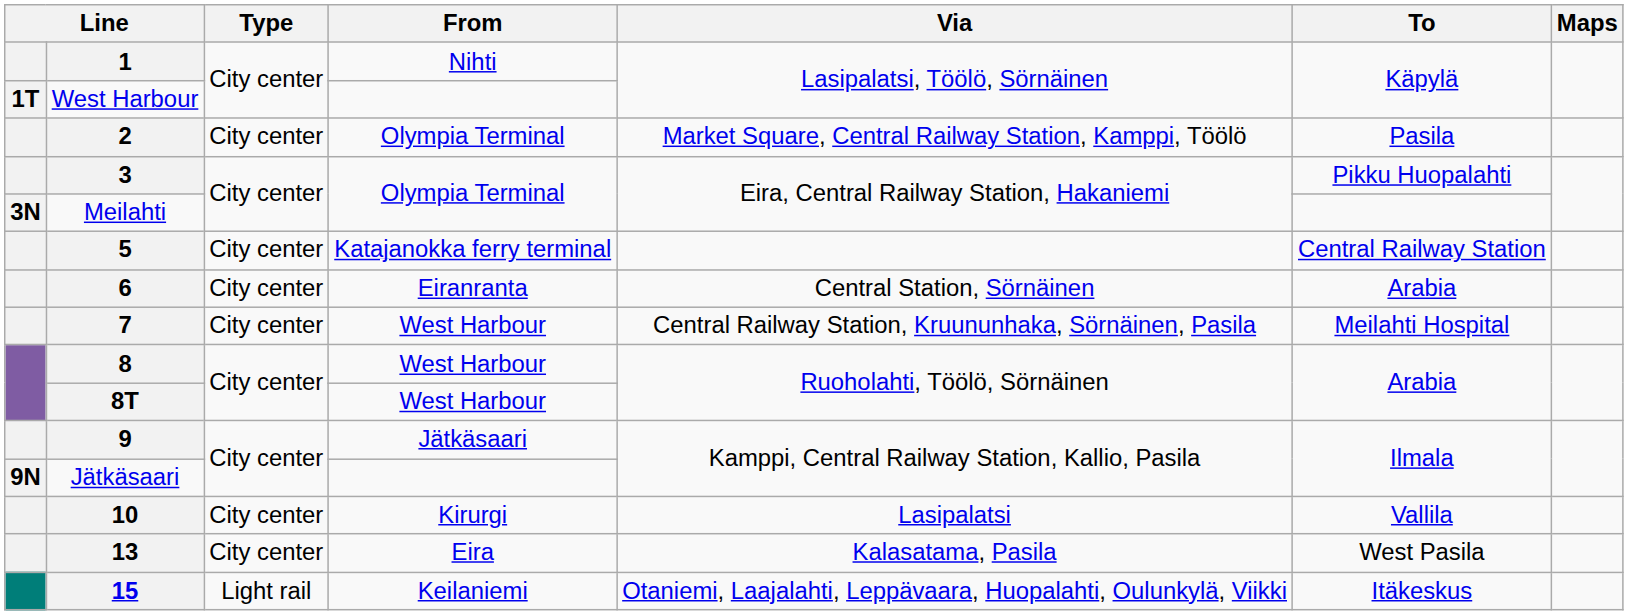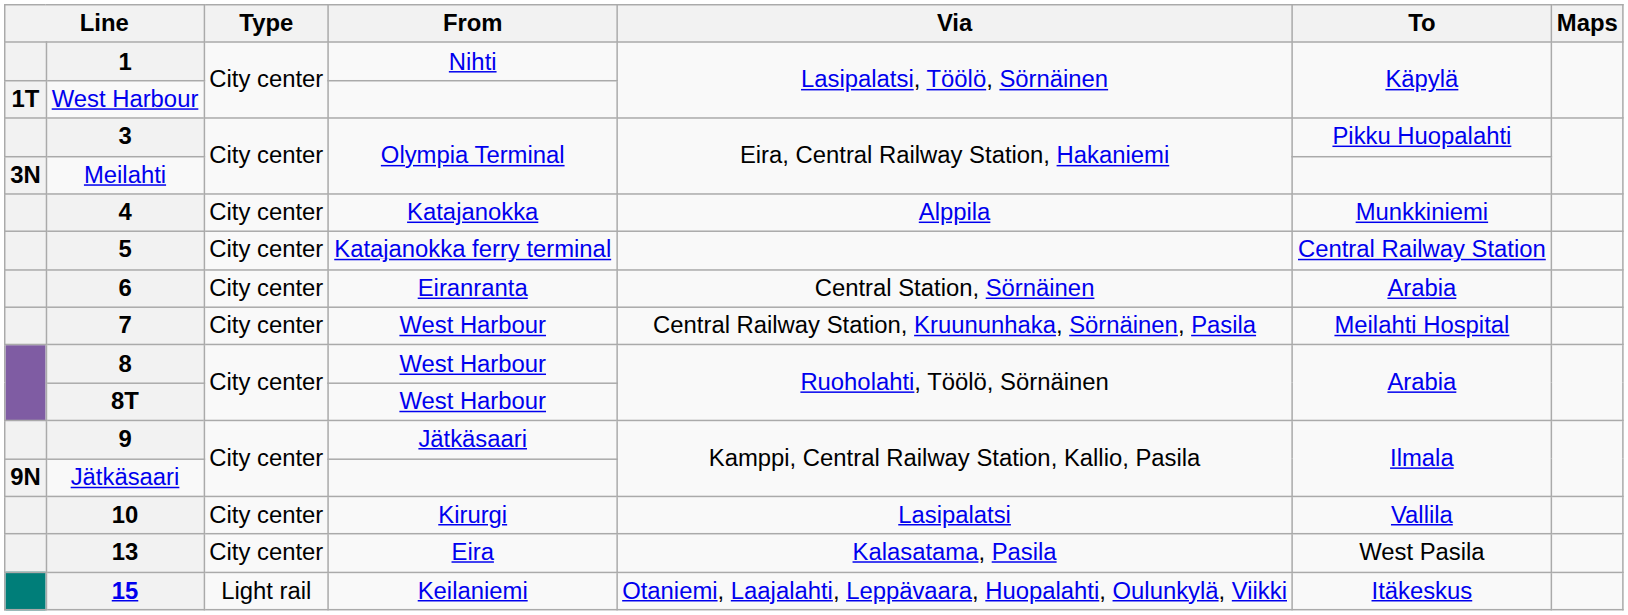 <table class="wikitable" style="text-align:center;">
 <tr>
 <th colspan=2>Line</th>
 <th>Type</th>
 <th>From</th>
 <th>Via</th>
 <th>To</th>
 <th>Maps</th>
 </tr>
 <tr>
 <th style="background:#"></th>
 <th>1</th>
 <td rowspan="2">City center</td>
 <td><a href='#'>Nihti</a></td>
 <td rowspan="2"><a href='#'>Lasipalatsi</a>, <a href='#'>Töölö</a>, <a href='#'>Sörnäinen</a></td>
 <td rowspan="2"><a href='#'>Käpylä</a></td>
 <td rowspan="2"></td>
 </tr>
 <tr>
 <th>1T</th>
 <td><a href='#'>West Harbour</a></td>
 </tr>
 <tr>
 <th style="background:#"></th>
-<th>2</th>
-<td>City center</td>
-<td><a href='#'>Olympia Terminal</a></td>
-<td><a href='#'>Market Square</a>, <a href='#'>Central Railway Station</a>, <a href='#'>Kamppi</a>, Töölö</td>
-<td><a href='#'>Pasila</a></td>
-<td></td>
-</tr>
-<tr>
-<th style="background:#"></th>
 <th>3</th>
 <td rowspan="2">City center</td>
 <td rowspan="2"><a href='#'>Olympia Terminal</a></td>
 <td rowspan="2">Eira, Central Railway Station, <a href='#'>Hakaniemi</a></td>
 <td><a href='#'>Pikku Huopalahti</a></td>
 <td rowspan="2"></td>
 </tr>
 <tr>
 <th>3N</th>
 <td><a href='#'>Meilahti</a></td>
+</tr>
+<tr>
+<th style="background:#"></th>
+<th>4</th>
+<td>City center</td>
+<td><a href='#'>Katajanokka</a></td>
+<td><a href='#'>Alppila</a></td>
+<td><a href='#'>Munkkiniemi</a></td>
+<td></td>
 </tr>
 <tr>
 <th style="background:#"></th>
 <th>5</th>
 <td>City center</td>
 <td><a href='#'>Katajanokka ferry terminal</a></td>
 <td></td>
 <td><a href='#'>Central Railway Station</a></td>
 <td></td>
 </tr>
 <tr>
 <th style="background:#"></th>
 <th>6</th>
 <td>City center</td>
 <td><a href='#'>Eiranranta</a></td>
 <td>Central Station, <a href='#'>Sörnäinen</a></td>
 <td><a href='#'>Arabia</a></td>
 <td></td>
 </tr>
 <tr>
 <th style="background:#"></th>
 <th>7</th>
 <td>City center</td>
 <td><a href='#'>West Harbour</a></td>
 <td>Central Railway Station, <a href='#'>Kruununhaka</a>, <a href='#'>Sörnäinen</a>, <a href='#'>Pasila</a></td>
 <td><a href='#'>Meilahti Hospital</a></td>
 <td></td>
 </tr>
 <tr>
 <th style="background:#7f5ca3;" rowspan=2></th>
 <th>8</th>
 <td rowspan="2">City center</td>
 <td><a href='#'>West Harbour</a></td>
 <td rowspan=2><a href='#'>Ruoholahti</a>, Töölö, Sörnäinen</td>
 <td rowspan=2><a href='#'>Arabia</a></td>
 <td rowspan=2></td>
 </tr>
 <tr>
 <th>8T</th>
 <td><a href='#'>West Harbour</a></td>
 </tr>
 <tr>
 <th style="background:#"></th>
 <th>9</th>
 <td rowspan="2">City center</td>
 <td><a href='#'>Jätkäsaari</a></td>
 <td rowspan="2">Kamppi, Central Railway Station, Kallio, Pasila</td>
 <td rowspan="2"><a href='#'>Ilmala</a></td>
 <td rowspan="2"></td>
 </tr>
 <tr>
 <th>9N</th>
 <td><a href='#'>Jätkäsaari</a></td>
 </tr>
 <tr>
 <th style="background:#"></th>
 <th>10</th>
 <td>City center</td>
 <td><a href='#'>Kirurgi</a></td>
 <td><a href='#'>Lasipalatsi</a></td>
 <td><a href='#'>Vallila</a></td>
 <td></td>
 </tr>
 <tr>
 <th style="background:#"></th>
 <th>13</th>
 <td>City center</td>
 <td><a href='#'>Eira</a></td>
 <td><a href='#'>Kalasatama</a>, <a href='#'>Pasila</a></td>
 <td>West Pasila</td>
 <td></td>
 </tr>
 <tr>
 <th style="background:#007e79;"></th>
 <th><a href='#'>15</a></th>
 <td>Light rail</td>
 <td><a href='#'>Keilaniemi</a></td>
 <td><a href='#'>Otaniemi</a>, <a href='#'>Laajalahti</a>, <a href='#'>Leppävaara</a>, <a href='#'>Huopalahti</a>, <a href='#'>Oulunkylä</a>, <a href='#'>Viikki</a></td>
 <td><a href='#'>Itäkeskus</a></td>
 <td></td>
 </tr>
 </table>
